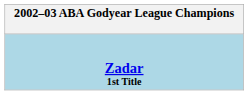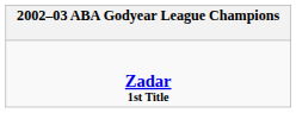 <table class="wikitable" style="margin: 0 auto; width: 30%;">
 <tr>
 <th><big>2002–03 ABA Godyear League Champions</big><br><br></th>
 </tr>
 <tr>
-<td align=center style="background: lightblue;"><br><br><big><big><strong><a href='#'>Zadar</a></strong><br></big></big><strong>1st Title</strong></td>
+<td align=center><br><br><big><big><strong><a href='#'>Zadar</a></strong><br></big></big><strong>1st Title</strong></td>
 </tr>
 </table>
